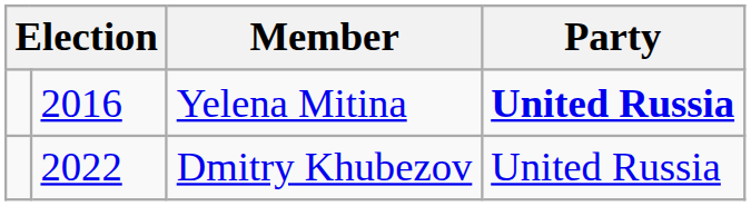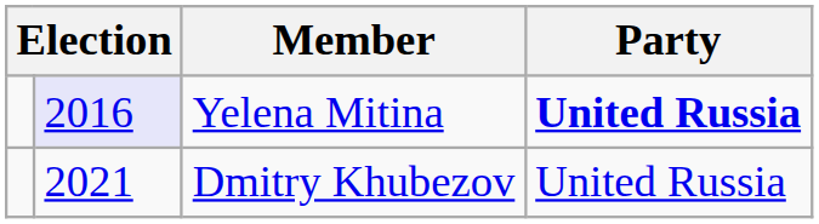 <table class="wikitable">
 <tr>
 <th colspan="2">Election</th>
 <th>Member</th>
 <th>Party</th>
 </tr>
 <tr>
 <td style="background-color: "></td>
-<td><a href='#'>2016</a></td>
+<td style="background: lavender;"><a href='#'>2016</a></td>
 <td><a href='#'>Yelena Mitina</a></td>
 <td><strong><a href='#'>United Russia</a></strong></td>
 </tr>
 <tr>
 <td style="background-color: "></td>
-<td><a href='#'>2022</a></td>
+<td><a href='#'>2021</a></td>
 <td><a href='#'>Dmitry Khubezov</a></td>
 <td><a href='#'>United Russia</a></td>
 </tr>
 </table>
